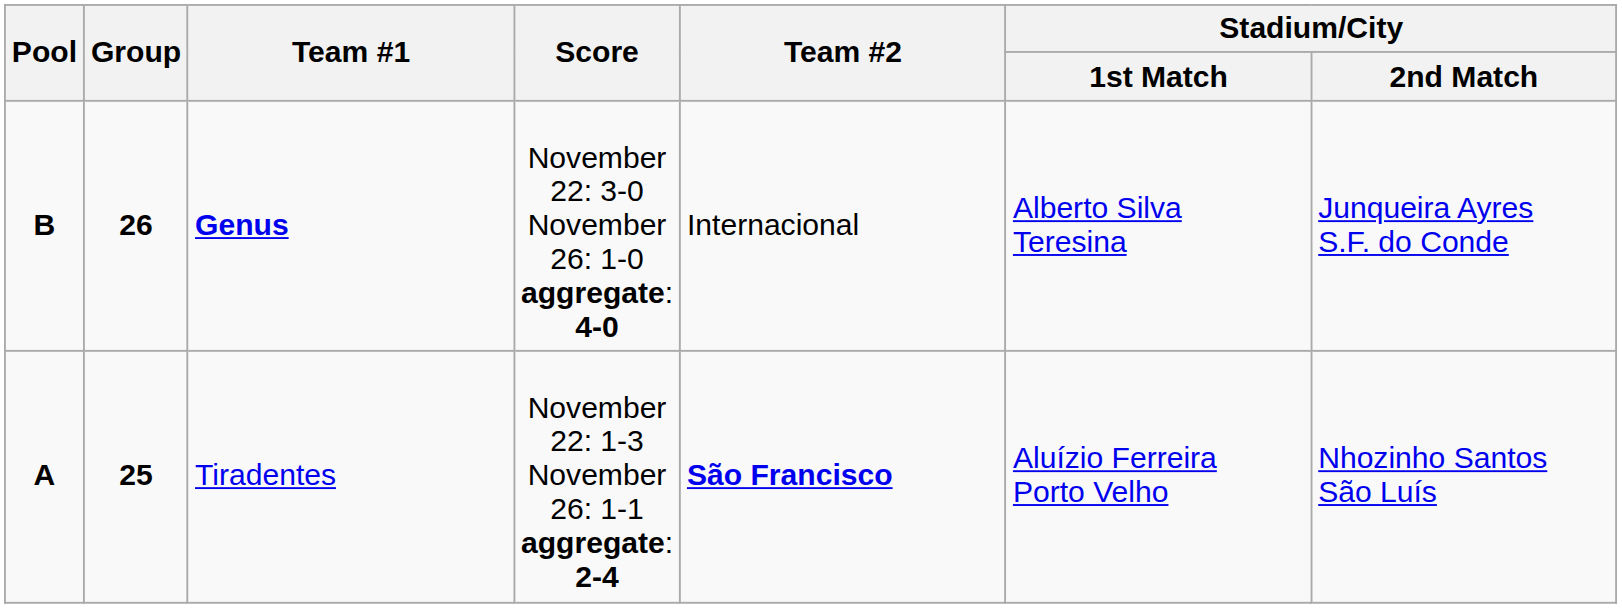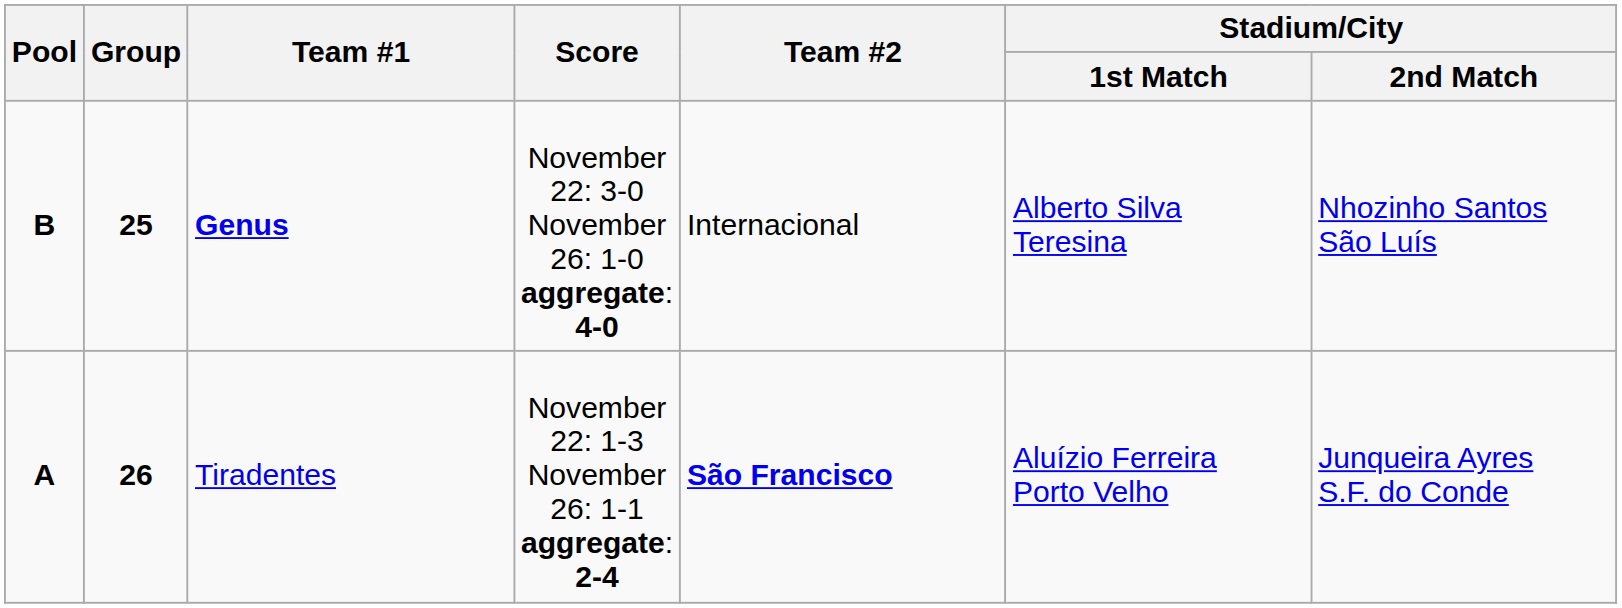 <table class="wikitable">
 <tr>
 <th width="20" rowspan=2>Pool</th>
 <th width="20" rowspan=2>Group</th>
 <th width="166" rowspan=2>Team #1</th>
 <th width="76" rowspan=2>Score</th>
 <th width="166" rowspan=2>Team #2</th>
 <th colspan=2>Stadium/City</th>
 </tr>
 <tr>
 <th width="155">1st Match</th>
 <th width="155">2nd Match</th>
 </tr>
 <tr>
 <td style="text-align:center"><strong>B</strong></td>
-<td style="text-align:center"><strong>26</strong></td>
+<td style="text-align:center"><strong>25</strong></td>
 <td> <strong><a href='#'>Genus</a></strong></td>
 <td style="text-align:center"><br>November 22: 3-0<br> November 26: 1-0<br> <strong>aggregate</strong>: <strong>4-0</strong></td>
 <td> Internacional</td>
 <td><a href='#'>Alberto Silva</a> <br>  <a href='#'>Teresina</a></td>
-<td><a href='#'>Junqueira Ayres</a> <br>  <a href='#'>S.F. do Conde</a></td>
+<td><a href='#'>Nhozinho Santos</a> <br>  <a href='#'>São Luís</a></td>
 </tr>
 <tr>
 <td style="text-align:center"><strong>A</strong></td>
-<td style="text-align:center"><strong>25</strong></td>
+<td style="text-align:center"><strong>26</strong></td>
 <td> <a href='#'>Tiradentes</a></td>
 <td style="text-align:center"><br>November 22: 1-3<br> November 26: 1-1<br> <strong>aggregate</strong>: <strong>2-4</strong></td>
 <td> <strong><a href='#'>São Francisco</a></strong></td>
 <td><a href='#'>Aluízio Ferreira</a> <br>  <a href='#'>Porto Velho</a></td>
-<td><a href='#'>Nhozinho Santos</a> <br>  <a href='#'>São Luís</a></td>
+<td><a href='#'>Junqueira Ayres</a> <br>  <a href='#'>S.F. do Conde</a></td>
 </tr>
 </table>
